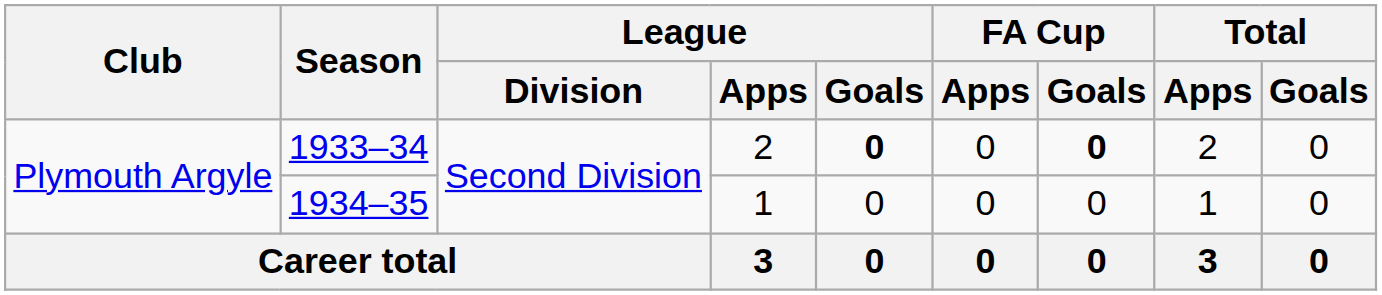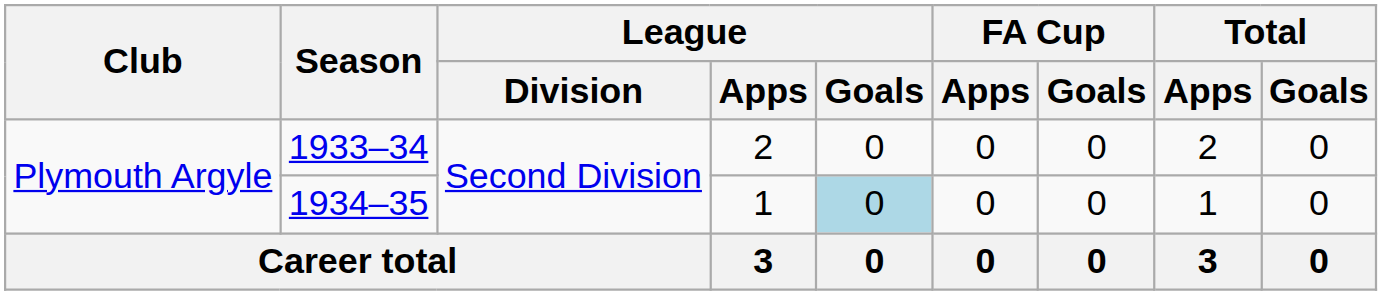 <table class="wikitable" style="text-align:center">
 <tr>
 <th rowspan="2">Club</th>
 <th rowspan="2">Season</th>
 <th colspan="3">League</th>
 <th colspan="2">FA Cup</th>
 <th colspan="2">Total</th>
 </tr>
 <tr>
 <th>Division</th>
 <th>Apps</th>
 <th>Goals</th>
 <th>Apps</th>
 <th>Goals</th>
 <th>Apps</th>
 <th>Goals</th>
 </tr>
 <tr>
 <td rowspan="2"><a href='#'>Plymouth Argyle</a></td>
 <td><a href='#'>1933–34</a></td>
 <td rowspan="2"><a href='#'>Second Division</a></td>
 <td>2</td>
-<td><strong>0</strong></td>
 <td>0</td>
-<td><strong>0</strong></td>
+<td>0</td>
+<td>0</td>
 <td>2</td>
 <td>0</td>
 </tr>
 <tr>
 <td><a href='#'>1934–35</a></td>
 <td>1</td>
-<td>0</td>
+<td style="background: lightblue;">0</td>
 <td>0</td>
 <td>0</td>
 <td>1</td>
 <td>0</td>
 </tr>
 <tr>
 <th colspan="3">Career total</th>
 <th>3</th>
 <th>0</th>
 <th>0</th>
 <th>0</th>
 <th>3</th>
 <th>0</th>
 </tr>
 </table>
